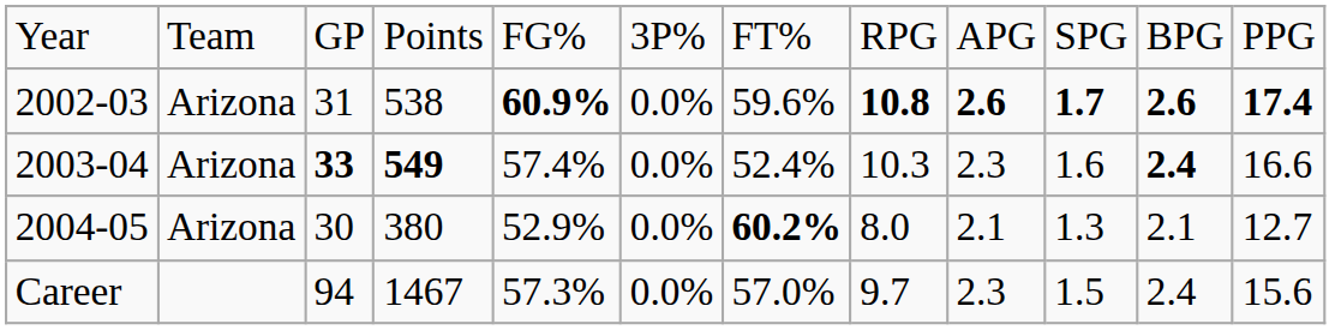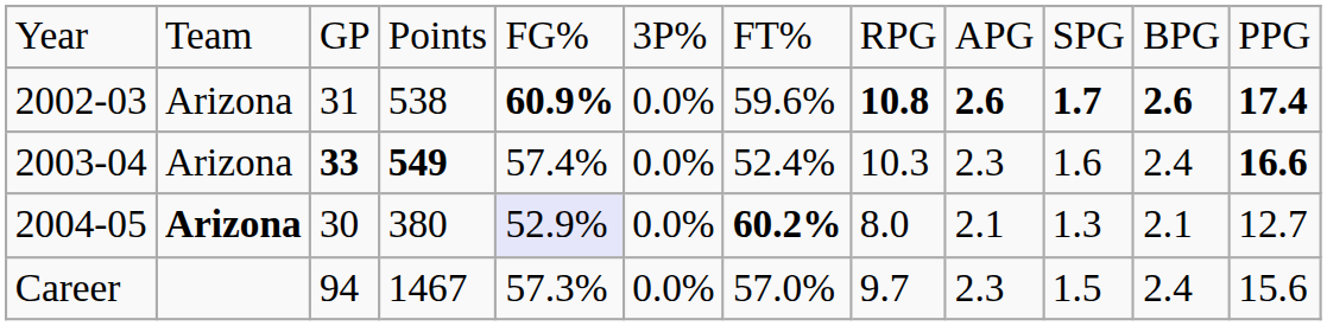 <table class="wikitable">
 <tr>
 <td>Year</td>
 <td>Team</td>
 <td>GP</td>
 <td>Points</td>
 <td>FG%</td>
 <td>3P%</td>
 <td>FT%</td>
 <td>RPG</td>
 <td>APG</td>
 <td>SPG</td>
 <td>BPG</td>
 <td>PPG</td>
 </tr>
 <tr>
 <td>2002-03</td>
 <td>Arizona</td>
 <td>31</td>
 <td>538</td>
 <td><strong>60.9%</strong></td>
 <td>0.0%</td>
 <td>59.6%</td>
 <td><strong>10.8</strong></td>
 <td><strong>2.6</strong></td>
 <td><strong>1.7</strong></td>
 <td><strong>2.6</strong></td>
 <td><strong>17.4</strong></td>
 </tr>
 <tr>
 <td>2003-04</td>
 <td>Arizona</td>
 <td><strong>33</strong></td>
 <td><strong>549</strong></td>
 <td>57.4%</td>
 <td>0.0%</td>
 <td>52.4%</td>
 <td>10.3</td>
 <td>2.3</td>
 <td>1.6</td>
-<td><strong>2.4</strong></td>
-<td>16.6</td>
+<td>2.4</td>
+<td><strong>16.6</strong></td>
 </tr>
 <tr>
 <td>2004-05</td>
-<td>Arizona</td>
+<td><strong>Arizona</strong></td>
 <td>30</td>
 <td>380</td>
-<td>52.9%</td>
+<td style="background: lavender;">52.9%</td>
 <td>0.0%</td>
 <td><strong>60.2%</strong></td>
 <td>8.0</td>
 <td>2.1</td>
 <td>1.3</td>
 <td>2.1</td>
 <td>12.7</td>
 </tr>
 <tr>
 <td>Career</td>
 <td></td>
 <td>94</td>
 <td>1467</td>
 <td>57.3%</td>
 <td>0.0%</td>
 <td>57.0%</td>
 <td>9.7</td>
 <td>2.3</td>
 <td>1.5</td>
 <td>2.4</td>
 <td>15.6</td>
 </tr>
 </table>
